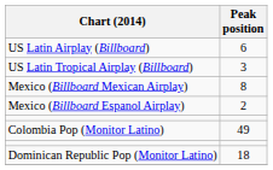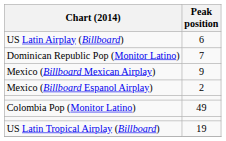 <table class="wikitable sortable">
 <tr>
 <th>Chart (2014)</th>
 <th>Peak<br>position</th>
 </tr>
 <tr>
 <td align="left">US <a href='#'>Latin Airplay</a> (<em><a href='#'>Billboard</a></em>)</td>
 <td style="text-align:center;">6</td>
 </tr>
 <tr>
-<td align="left">US <a href='#'>Latin Tropical Airplay</a> (<em><a href='#'>Billboard</a></em>)</td>
-<td style="text-align:center;">3</td>
+<td align="left">Dominican Republic Pop (<a href='#'>Monitor Latino</a>)</td>
+<td style="text-align:center;">7</td>
 </tr>
 <tr>
 <td align="left">Mexico (<a href='#'><em>Billboard</em> Mexican Airplay</a>)</td>
-<td style="text-align:center;">8</td>
+<td style="text-align:center;">9</td>
 </tr>
 <tr>
 <td align="left">Mexico (<a href='#'><em>Billboard</em> Espanol Airplay</a>)</td>
 <td style="text-align:center;">2</td>
 </tr>
 <tr>
 <td></td>
 </tr>
 <tr>
 <td align="left">Colombia Pop (<a href='#'>Monitor Latino</a>)</td>
 <td style="text-align:center;">49</td>
 </tr>
 <tr>
 <td></td>
 </tr>
 <tr>
-<td align="left">Dominican Republic Pop (<a href='#'>Monitor Latino</a>)</td>
-<td style="text-align:center;">18</td>
+<td align="left">US <a href='#'>Latin Tropical Airplay</a> (<em><a href='#'>Billboard</a></em>)</td>
+<td style="text-align:center;">19</td>
 </tr>
 <tr>
 </tr>
 </table>
